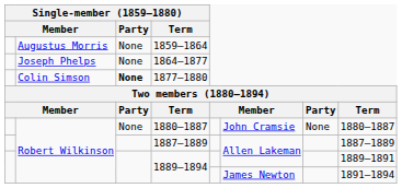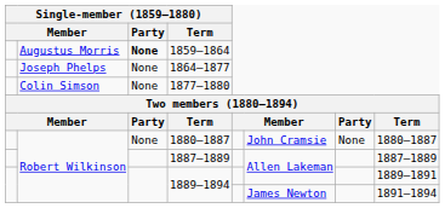 <table class="wikitable" style='border-style: none none solid solid;'>
 <tr>
 <th colspan="4">Single-member (1859–1880)</th>
 <td colspan="4" rowspan="5" style="border-style: none none none none;"> </td>
 </tr>
 <tr>
 <th scope=col colspan="2">Member</th>
 <th scope=col>Party</th>
 <th scope=col>Term</th>
 </tr>
 <tr style="background: #f9f9f9">
 <td> </td>
 <td><a href='#'>Augustus Morris</a></td>
-<td>None</td>
+<td><strong>None</strong></td>
 <td>1859–1864</td>
 </tr>
 <tr style="background: #f9f9f9">
 <td> </td>
 <td><a href='#'>Joseph Phelps</a></td>
 <td>None</td>
 <td>1864–1877</td>
 </tr>
 <tr style="background: #f9f9f9">
 <td> </td>
 <td><a href='#'>Colin Simson</a></td>
-<td><strong>None</strong></td>
+<td>None</td>
 <td>1877–1880</td>
 </tr>
 <tr>
 <th colspan="8">Two members (1880–1894)</th>
 </tr>
 <tr>
 <th scope=col colspan="2">Member</th>
 <th scope=col>Party</th>
 <th scope=col>Term</th>
 <th scope=col colspan="2">Member</th>
 <th scope=col>Party</th>
 <th scope=col>Term</th>
 </tr>
 <tr style="background: #f9f9f9">
 <td> </td>
 <td rowspan="4"><a href='#'>Robert Wilkinson</a></td>
 <td>None</td>
 <td>1880–1887</td>
 <td> </td>
 <td><a href='#'>John Cramsie</a></td>
 <td>None</td>
 <td>1880–1887</td>
 </tr>
 <tr style="background: #f9f9f9">
 <td> </td>
 <td></td>
 <td>1887–1889</td>
 <td> </td>
 <td rowspan="2"><a href='#'>Allen Lakeman</a></td>
 <td></td>
 <td>1887–1889</td>
 </tr>
 <tr style="background: #f9f9f9">
 <td rowspan="2" > </td>
 <td rowspan="2"></td>
 <td rowspan="2">1889–1894</td>
 <td> </td>
 <td></td>
 <td>1889–1891</td>
 </tr>
 <tr style="background: #f9f9f9">
 <td> </td>
 <td><a href='#'>James Newton</a></td>
 <td></td>
 <td>1891–1894</td>
 </tr>
 </table>
